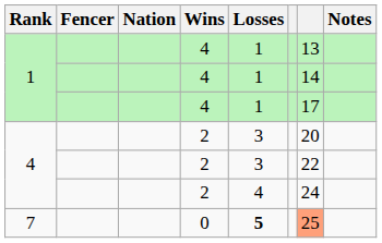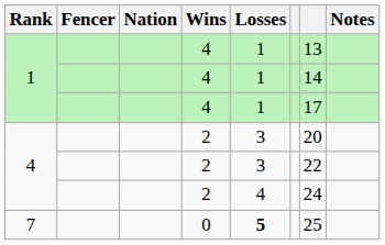 <table class="wikitable sortable" style="text-align: center;">
 <tr>
 <th>Rank</th>
 <th>Fencer</th>
 <th>Nation</th>
 <th>Wins</th>
 <th>Losses</th>
 <th></th>
 <th></th>
 <th>Notes</th>
 </tr>
 <tr style="background:#bbf3bb;">
 <td rowspan=3>1</td>
 <td align=left></td>
 <td align=left></td>
 <td>4</td>
 <td>1</td>
 <td></td>
 <td>13</td>
 <td></td>
 </tr>
 <tr style="background:#bbf3bb;">
 <td align=left></td>
 <td align=left></td>
 <td>4</td>
 <td>1</td>
 <td></td>
 <td>14</td>
 <td></td>
 </tr>
 <tr style="background:#bbf3bb;">
 <td align=left></td>
 <td align=left></td>
 <td>4</td>
 <td>1</td>
 <td></td>
 <td>17</td>
 <td></td>
 </tr>
 <tr>
 <td rowspan=3>4</td>
 <td align=left></td>
 <td align=left></td>
 <td>2</td>
 <td>3</td>
 <td></td>
 <td>20</td>
 <td></td>
 </tr>
 <tr>
 <td align=left></td>
 <td align=left></td>
 <td>2</td>
 <td>3</td>
 <td></td>
 <td>22</td>
 <td></td>
 </tr>
 <tr>
 <td align=left></td>
 <td align=left></td>
 <td>2</td>
 <td>4</td>
 <td></td>
 <td>24</td>
 <td></td>
 </tr>
 <tr>
 <td>7</td>
 <td align=left></td>
 <td align=left></td>
 <td>0</td>
 <td><strong>5</strong></td>
 <td></td>
-<td style="background: lightsalmon;">25</td>
+<td>25</td>
 <td></td>
 </tr>
 </table>
